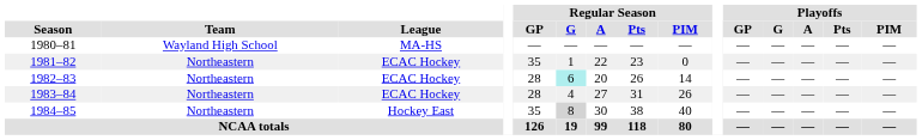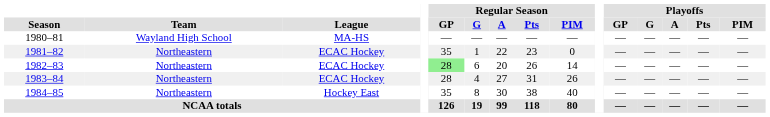 <table border="0" cellpadding="1" cellspacing="0" style="text-align:center; width:70em">
 <tr bgcolor="#e0e0e0">
 <th colspan="3"  bgcolor="#ffffff"> </th>
 <th rowspan="99" bgcolor="#ffffff"> </th>
 <th colspan="5">Regular Season</th>
 <th rowspan="99" bgcolor="#ffffff"> </th>
 <th colspan="5">Playoffs</th>
 </tr>
 <tr bgcolor="#e0e0e0">
 <th>Season</th>
 <th>Team</th>
 <th>League</th>
 <th>GP</th>
 <th><a href='#'>G</a></th>
 <th><a href='#'>A</a></th>
 <th><a href='#'>Pts</a></th>
 <th><a href='#'>PIM</a></th>
 <th>GP</th>
 <th>G</th>
 <th>A</th>
 <th>Pts</th>
 <th>PIM</th>
 </tr>
 <tr>
 <td>1980–81</td>
 <td><a href='#'>Wayland High School</a></td>
 <td><a href='#'>MA-HS</a></td>
 <td>—</td>
 <td>—</td>
 <td>—</td>
 <td>—</td>
 <td>—</td>
 <td>—</td>
 <td>—</td>
 <td>—</td>
 <td>—</td>
 <td>—</td>
 </tr>
 <tr bgcolor="f0f0f0">
 <td><a href='#'>1981–82</a></td>
 <td><a href='#'>Northeastern</a></td>
 <td><a href='#'>ECAC Hockey</a></td>
 <td>35</td>
 <td>1</td>
 <td>22</td>
 <td>23</td>
 <td>0</td>
 <td>—</td>
 <td>—</td>
 <td>—</td>
 <td>—</td>
 <td>—</td>
 </tr>
 <tr>
 <td><a href='#'>1982–83</a></td>
 <td><a href='#'>Northeastern</a></td>
 <td><a href='#'>ECAC Hockey</a></td>
-<td>28</td>
-<td style="background: paleturquoise;">6</td>
+<td style="background: lightgreen;">28</td>
+<td>6</td>
 <td>20</td>
 <td>26</td>
 <td>14</td>
 <td>—</td>
 <td>—</td>
 <td>—</td>
 <td>—</td>
 <td>—</td>
 </tr>
 <tr bgcolor="f0f0f0">
 <td><a href='#'>1983–84</a></td>
 <td><a href='#'>Northeastern</a></td>
 <td><a href='#'>ECAC Hockey</a></td>
 <td>28</td>
 <td>4</td>
 <td>27</td>
 <td>31</td>
 <td>26</td>
 <td>—</td>
 <td>—</td>
 <td>—</td>
 <td>—</td>
 <td>—</td>
 </tr>
 <tr>
 <td><a href='#'>1984–85</a></td>
 <td><a href='#'>Northeastern</a></td>
 <td><a href='#'>Hockey East</a></td>
 <td>35</td>
-<td style="background: lightgrey;">8</td>
+<td>8</td>
 <td>30</td>
 <td>38</td>
 <td>40</td>
 <td>—</td>
 <td>—</td>
 <td>—</td>
 <td>—</td>
 <td>—</td>
 </tr>
 <tr bgcolor="#e0e0e0">
 <th colspan="3">NCAA totals</th>
 <th>126</th>
 <th>19</th>
 <th>99</th>
 <th>118</th>
 <th>80</th>
 <th>—</th>
 <th>—</th>
 <th>—</th>
 <th>—</th>
 <th>—</th>
 </tr>
 </table>
